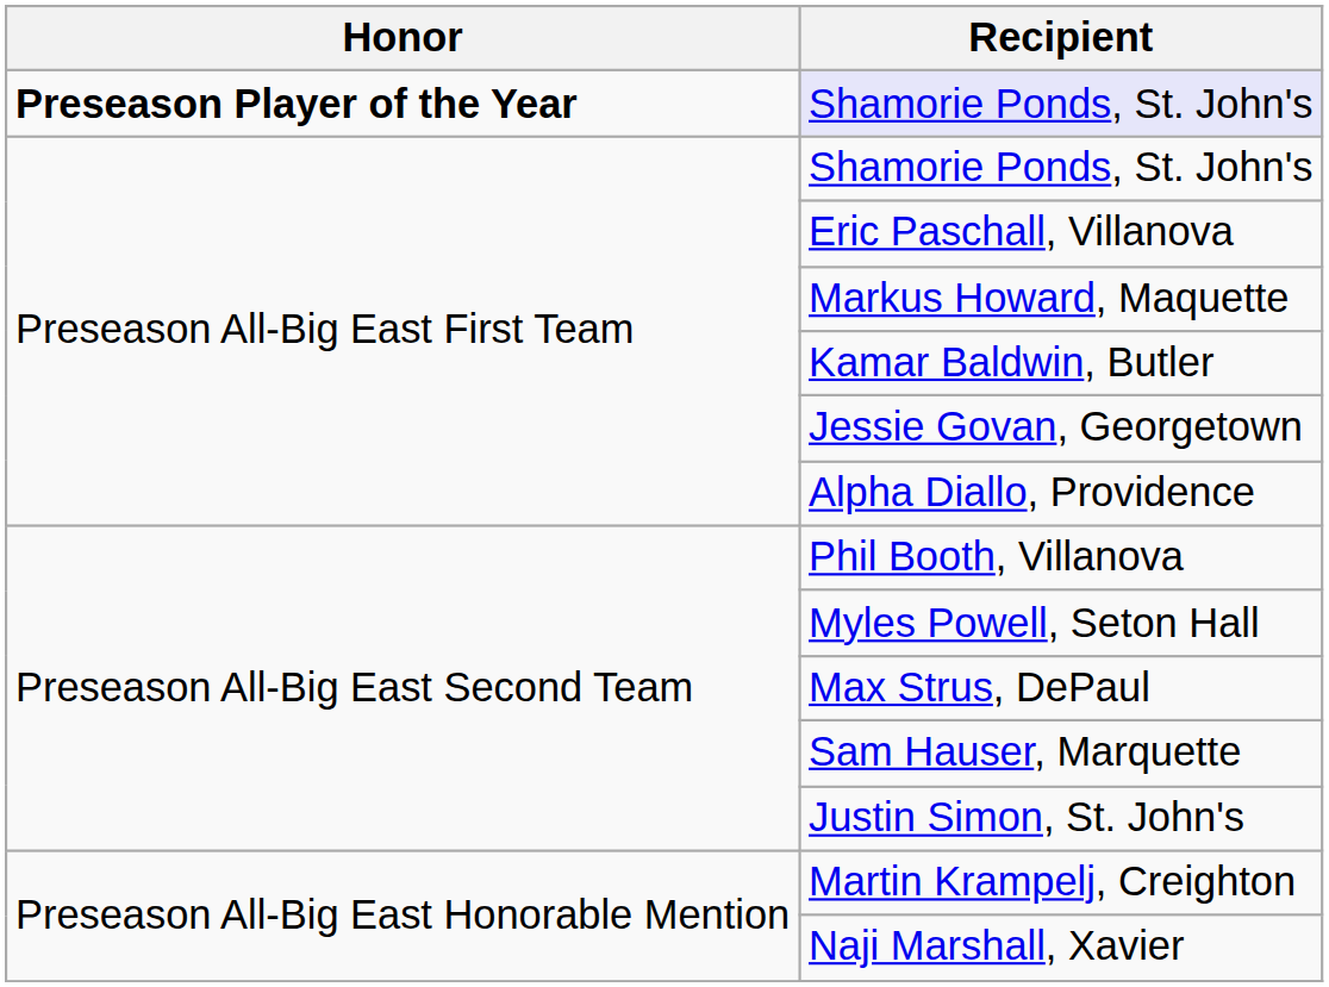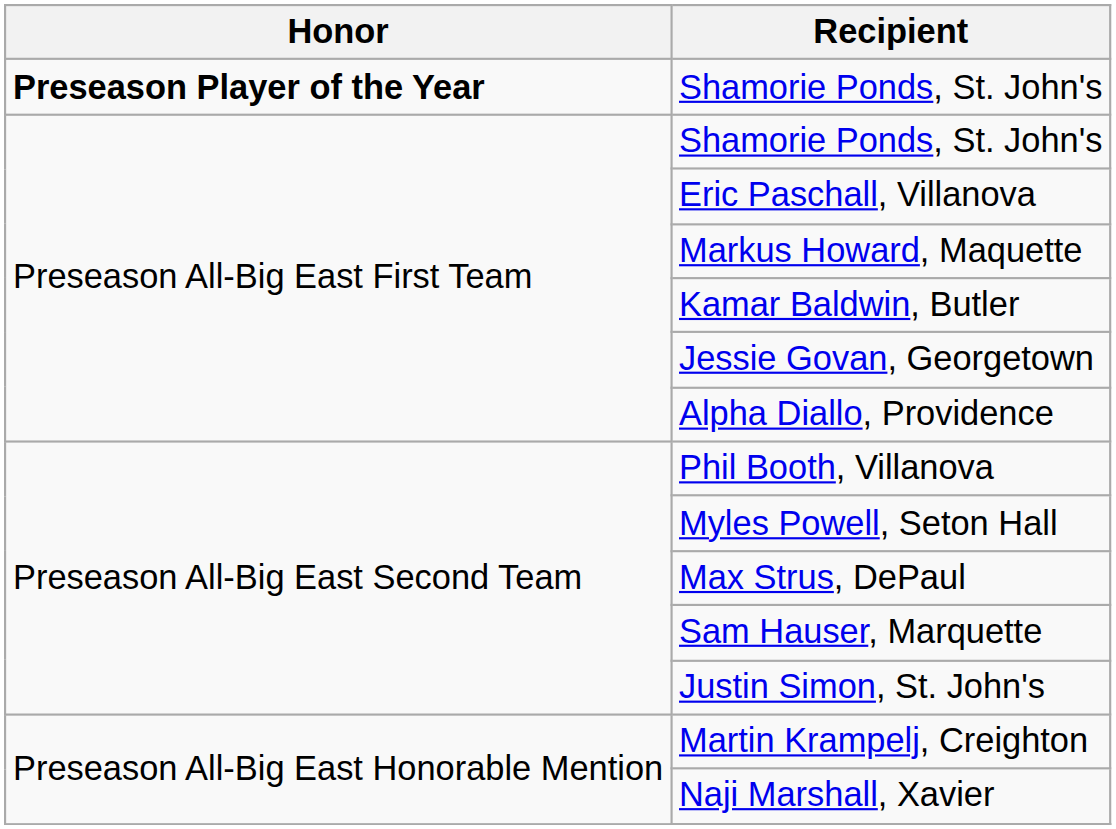 <table class="wikitable" border="1">
 <tr>
 <th>Honor</th>
 <th>Recipient</th>
 </tr>
 <tr>
 <td><strong>Preseason Player of the Year</strong></td>
-<td style="background: lavender;"><a href='#'>Shamorie Ponds</a>, St. John's</td>
+<td><a href='#'>Shamorie Ponds</a>, St. John's</td>
 </tr>
 <tr>
 <td rowspan=6 valign=middle>Preseason All-Big East First Team</td>
 <td><a href='#'>Shamorie Ponds</a>, St. John's</td>
 </tr>
 <tr>
 <td><a href='#'>Eric Paschall</a>, Villanova</td>
 </tr>
 <tr>
 <td><a href='#'>Markus Howard</a>, Maquette</td>
 </tr>
 <tr>
 <td><a href='#'>Kamar Baldwin</a>, Butler</td>
 </tr>
 <tr>
 <td><a href='#'>Jessie Govan</a>, Georgetown</td>
 </tr>
 <tr>
 <td><a href='#'>Alpha Diallo</a>, Providence</td>
 </tr>
 <tr>
 <td rowspan=5 valign=middle>Preseason All-Big East Second Team</td>
 <td><a href='#'>Phil Booth</a>, Villanova</td>
 </tr>
 <tr>
 <td><a href='#'>Myles Powell</a>, Seton Hall</td>
 </tr>
 <tr>
 <td><a href='#'>Max Strus</a>, DePaul</td>
 </tr>
 <tr>
 <td><a href='#'>Sam Hauser</a>, Marquette</td>
 </tr>
 <tr>
 <td><a href='#'>Justin Simon</a>, St. John's</td>
 </tr>
 <tr>
 <td rowspan=3 valign=middle>Preseason All-Big East Honorable Mention</td>
 <td><a href='#'>Martin Krampelj</a>, Creighton</td>
 </tr>
 <tr>
 <td><a href='#'>Naji Marshall</a>, Xavier</td>
 </tr>
 <tr>
 </tr>
 </table>
